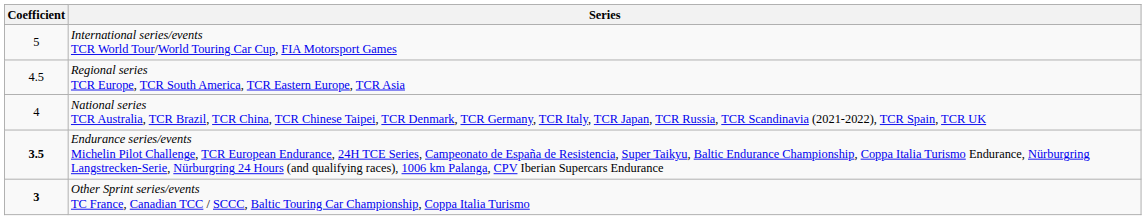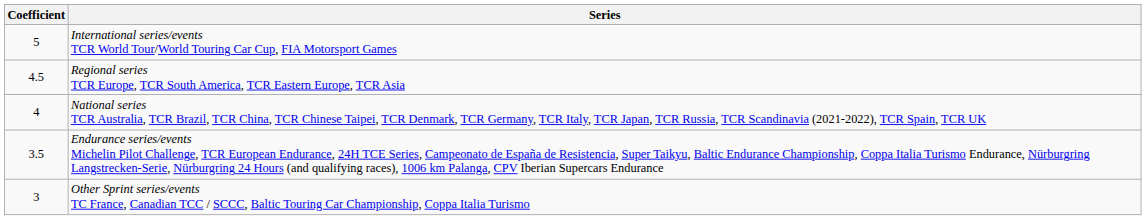 <table class="wikitable" style="font-size:85%">
 <tr>
 <th>Coefficient</th>
 <th>Series</th>
 </tr>
 <tr>
 <td align="center">5</td>
 <td><em>International series/events</em><br><a href='#'>TCR World Tour</a>/<a href='#'>World Touring Car Cup</a>, <a href='#'>FIA Motorsport Games</a></td>
 </tr>
 <tr>
 <td align="center">4.5</td>
 <td><em>Regional series</em><br><a href='#'>TCR Europe</a>, <a href='#'>TCR South America</a>, <a href='#'>TCR Eastern Europe</a>, <a href='#'>TCR Asia</a></td>
 </tr>
 <tr>
 <td align="center">4</td>
 <td><em>National series</em><br><a href='#'>TCR Australia</a>, <a href='#'>TCR Brazil</a>, <a href='#'>TCR China</a>, <a href='#'>TCR Chinese Taipei</a>, <a href='#'>TCR Denmark</a>, <a href='#'>TCR Germany</a>, <a href='#'>TCR Italy</a>, <a href='#'>TCR Japan</a>, <a href='#'>TCR Russia</a>, <a href='#'>TCR Scandinavia</a> (2021-2022), <a href='#'>TCR Spain</a>, <a href='#'>TCR UK</a></td>
 </tr>
 <tr>
-<td align="center"><strong>3.5</strong></td>
+<td align="center">3.5</td>
 <td><em>Endurance series/events</em><br><a href='#'>Michelin Pilot Challenge</a>, <a href='#'>TCR European Endurance</a>, <a href='#'>24H TCE Series</a>, <a href='#'>Campeonato de España de Resistencia</a>, <a href='#'>Super Taikyu</a>, <a href='#'>Baltic Endurance Championship</a>, <a href='#'>Coppa Italia Turismo</a> Endurance, <a href='#'>Nürburgring Langstrecken-Serie</a>, <a href='#'>Nürburgring 24 Hours</a> (and qualifying races), <a href='#'>1006 km Palanga</a>, <a href='#'>CPV</a> Iberian Supercars Endurance</td>
 </tr>
 <tr>
-<td align="center"><strong>3</strong></td>
+<td align="center">3</td>
 <td><em>Other Sprint series/events</em><br><a href='#'>TC France</a>, <a href='#'>Canadian TCC</a> / <a href='#'>SCCC</a>, <a href='#'>Baltic Touring Car Championship</a>, <a href='#'>Coppa Italia Turismo</a></td>
 </tr>
 </table>
